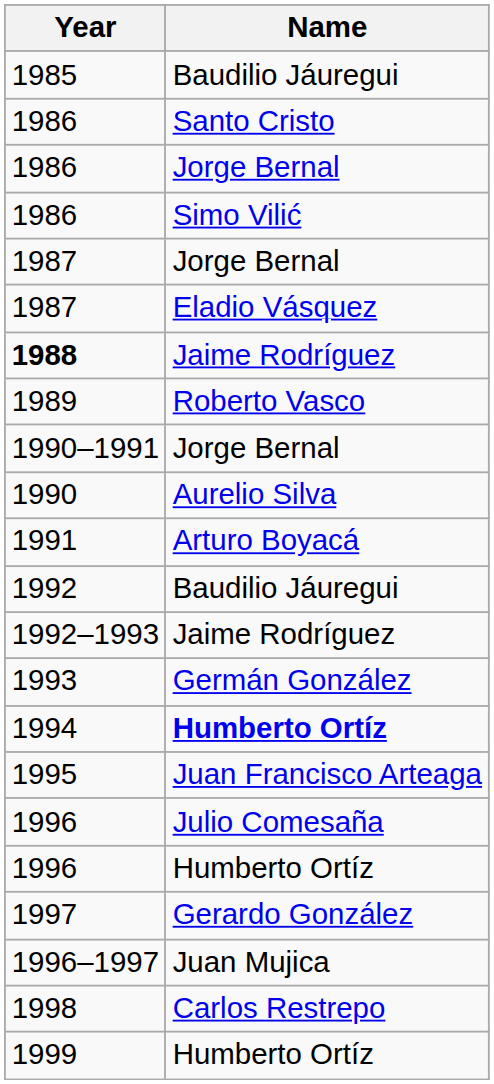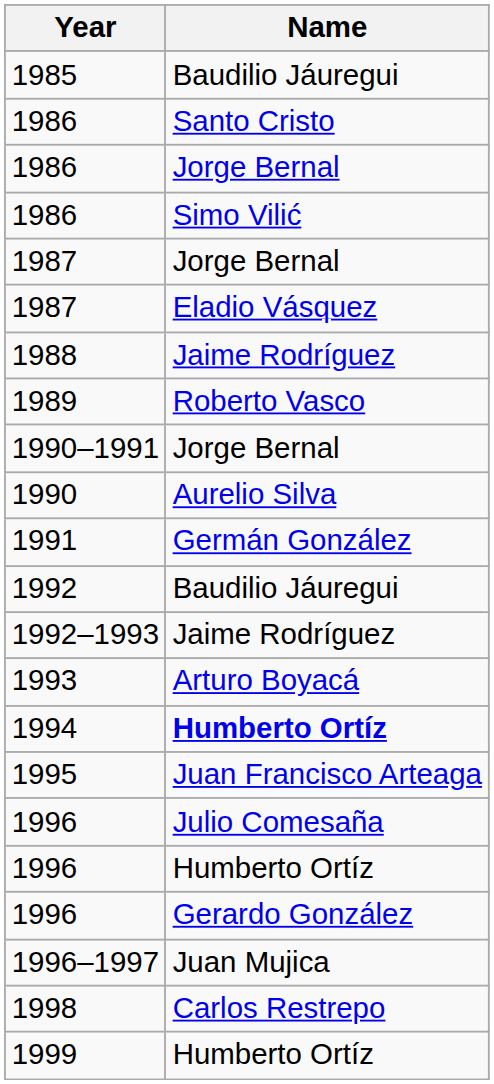 <table class="wikitable">
 <tr>
 <th>Year</th>
 <th>Name</th>
 </tr>
 <tr>
 <td>1985</td>
 <td> Baudilio Jáuregui</td>
 </tr>
 <tr>
 <td>1986</td>
 <td> <a href='#'>Santo Cristo</a></td>
 </tr>
 <tr>
 <td>1986</td>
 <td> <a href='#'>Jorge Bernal</a></td>
 </tr>
 <tr>
 <td>1986</td>
 <td> <a href='#'>Simo Vilić</a></td>
 </tr>
 <tr>
 <td>1987</td>
 <td> Jorge Bernal</td>
 </tr>
 <tr>
 <td>1987</td>
 <td> <a href='#'>Eladio Vásquez</a></td>
 </tr>
 <tr>
-<td><strong>1988</strong></td>
+<td>1988</td>
 <td> <a href='#'>Jaime Rodríguez</a></td>
 </tr>
 <tr>
 <td>1989</td>
 <td> <a href='#'>Roberto Vasco</a></td>
 </tr>
 <tr>
 <td>1990–1991</td>
 <td> Jorge Bernal</td>
 </tr>
 <tr>
 <td>1990</td>
 <td> <a href='#'>Aurelio Silva</a></td>
 </tr>
 <tr>
 <td>1991</td>
-<td> <a href='#'>Arturo Boyacá</a></td>
+<td> <a href='#'>Germán González</a></td>
 </tr>
 <tr>
 <td>1992</td>
 <td> Baudilio Jáuregui</td>
 </tr>
 <tr>
 <td>1992–1993</td>
 <td> Jaime Rodríguez</td>
 </tr>
 <tr>
 <td>1993</td>
-<td> <a href='#'>Germán González</a></td>
+<td> <a href='#'>Arturo Boyacá</a></td>
 </tr>
 <tr>
 <td>1994</td>
 <td><strong> <a href='#'>Humberto Ortíz</a></strong></td>
 </tr>
 <tr>
 <td>1995</td>
 <td> <a href='#'>Juan Francisco Arteaga</a></td>
 </tr>
 <tr>
 <td>1996</td>
 <td> <a href='#'>Julio Comesaña</a></td>
 </tr>
 <tr>
 <td>1996</td>
 <td> Humberto Ortíz</td>
 </tr>
 <tr>
-<td>1997</td>
+<td>1996</td>
 <td> <a href='#'>Gerardo González</a></td>
 </tr>
 <tr>
 <td>1996–1997</td>
 <td> Juan Mujica</td>
 </tr>
 <tr>
 <td>1998</td>
 <td> <a href='#'>Carlos Restrepo</a></td>
 </tr>
 <tr>
 <td>1999</td>
 <td> Humberto Ortíz</td>
 </tr>
 </table>
